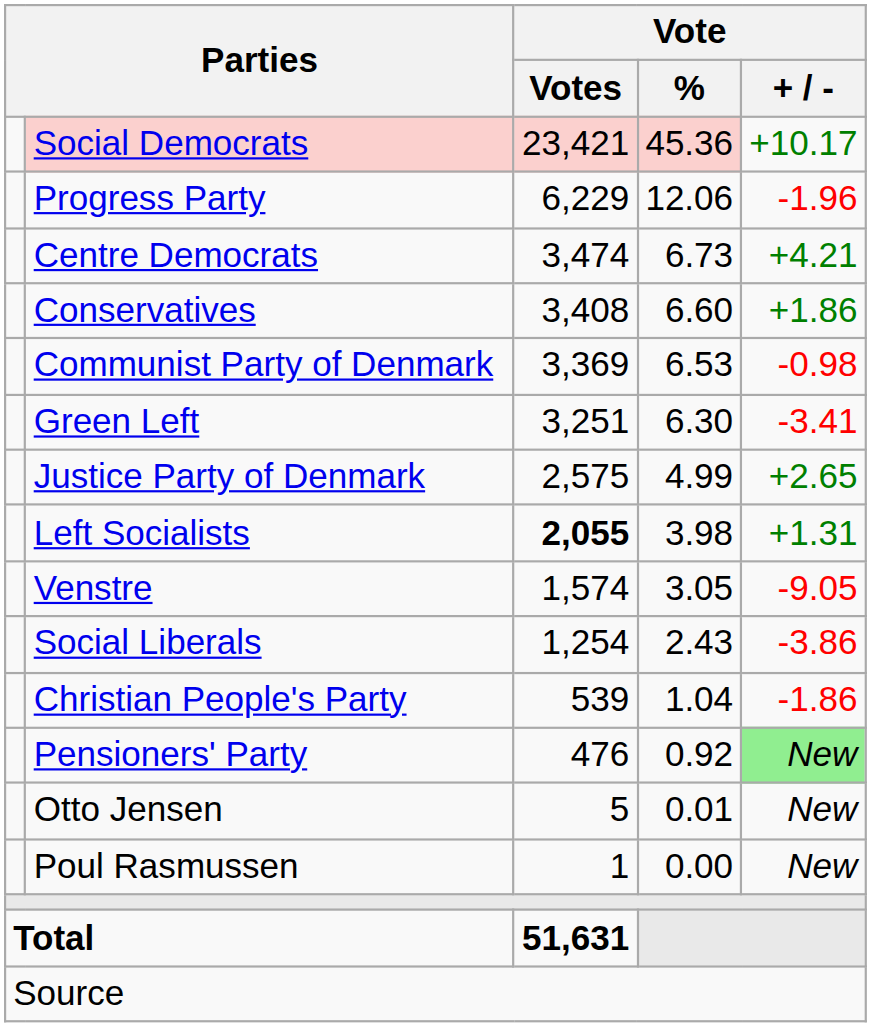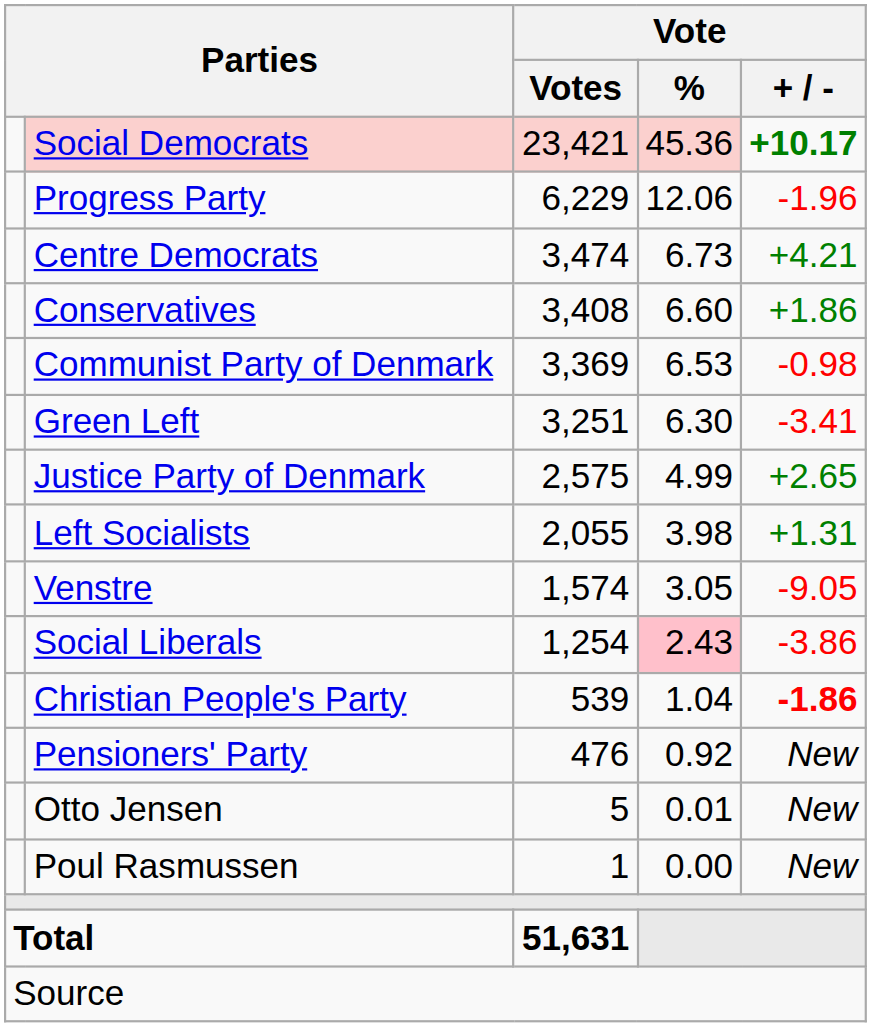 <table class="wikitable" style="text-align:right;">
 <tr>
 <th style="text-align:centre;" rowspan="2" colspan="2" width="225">Parties</th>
 <th colspan="3">Vote</th>
 </tr>
 <tr>
 <th width="15">Votes</th>
 <th width="15">%</th>
 <th width="15">+ / -</th>
 </tr>
 <tr>
 <td width="2" style="color:inherit;background:"></td>
 <td bgcolor=#fbd0ce  align="left"><a href='#'>Social Democrats</a></td>
 <td bgcolor=#fbd0ce>23,421</td>
 <td bgcolor=#fbd0ce>45.36</td>
-<td style=color:green;>+10.17</td>
+<td style=color:green;><strong>+10.17</strong></td>
 </tr>
 <tr>
 <td width="2" style="color:inherit;background:"></td>
 <td align="left"><a href='#'>Progress Party</a></td>
 <td>6,229</td>
 <td>12.06</td>
 <td style=color:red;>-1.96</td>
 </tr>
 <tr>
 <td width="2" style="color:inherit;background:"></td>
 <td align="left"><a href='#'>Centre Democrats</a></td>
 <td>3,474</td>
 <td>6.73</td>
 <td style=color:green;>+4.21</td>
 </tr>
 <tr>
 <td width="2" style="color:inherit;background:"></td>
 <td align="left"><a href='#'>Conservatives</a></td>
 <td>3,408</td>
 <td>6.60</td>
 <td style=color:green;>+1.86</td>
 </tr>
 <tr>
 <td width="2" style="color:inherit;background:"></td>
 <td align="left"><a href='#'>Communist Party of Denmark</a></td>
 <td>3,369</td>
 <td>6.53</td>
 <td style=color:red;>-0.98</td>
 </tr>
 <tr>
 <td width="2" style="color:inherit;background:"></td>
 <td align="left"><a href='#'>Green Left</a></td>
 <td>3,251</td>
 <td>6.30</td>
 <td style=color:red;>-3.41</td>
 </tr>
 <tr>
 <td width="2" style="color:inherit;background:"></td>
 <td align="left"><a href='#'>Justice Party of Denmark</a></td>
 <td>2,575</td>
 <td>4.99</td>
 <td style=color:green;>+2.65</td>
 </tr>
 <tr>
 <td width="2" style="color:inherit;background:"></td>
 <td align="left"><a href='#'>Left Socialists</a></td>
-<td><strong>2,055</strong></td>
+<td>2,055</td>
 <td>3.98</td>
 <td style=color:green;>+1.31</td>
 </tr>
 <tr>
 <td width="2" style="color:inherit;background:"></td>
 <td align="left"><a href='#'>Venstre</a></td>
 <td>1,574</td>
 <td>3.05</td>
 <td style=color:red;>-9.05</td>
 </tr>
 <tr>
 <td width="2" style="color:inherit;background:"></td>
 <td align="left"><a href='#'>Social Liberals</a></td>
 <td>1,254</td>
-<td>2.43</td>
+<td style="background: pink;">2.43</td>
 <td style=color:red;>-3.86</td>
 </tr>
 <tr>
 <td width="2" style="color:inherit;background:"></td>
 <td align="left"><a href='#'>Christian People's Party</a></td>
 <td>539</td>
 <td>1.04</td>
-<td style=color:red;>-1.86</td>
+<td style=color:red;><strong>-1.86</strong></td>
 </tr>
 <tr>
 <td width="2" style="color:inherit;background:"></td>
 <td align="left"><a href='#'>Pensioners' Party</a></td>
 <td>476</td>
 <td>0.92</td>
-<td style="background: lightgreen;"><em>New</em></td>
+<td><em>New</em></td>
 </tr>
 <tr>
 <td width="2" style="color:inherit;background:"></td>
 <td align="left">Otto Jensen</td>
 <td>5</td>
 <td>0.01</td>
 <td><em>New</em></td>
 </tr>
 <tr>
 <td width="2" style="color:inherit;background:"></td>
 <td align="left">Poul Rasmussen</td>
 <td>1</td>
 <td>0.00</td>
 <td><em>New</em></td>
 </tr>
 <tr>
 <td colspan="7" bgcolor="#E9E9E9"></td>
 </tr>
 <tr>
 <td align="left" colspan="2"><strong>Total</strong></td>
 <td><strong>51,631</strong></td>
 <td bgcolor="#E9E9E9" colspan="2"></td>
 </tr>
 <tr>
 <td align="left" colspan="6">Source</td>
 </tr>
 </table>
